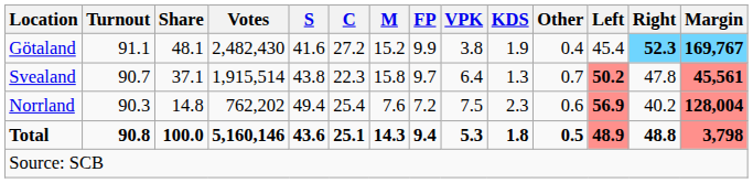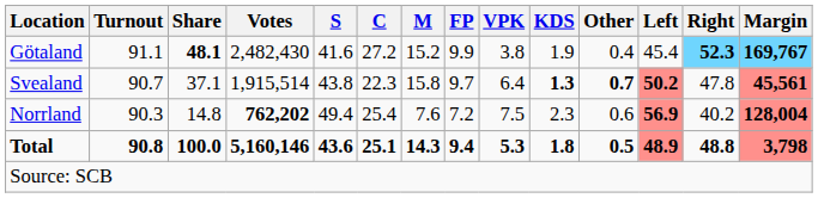 <table class="wikitable sortable" style=text-align:right>
 <tr>
 <th>Location</th>
 <th>Turnout</th>
 <th>Share</th>
 <th>Votes</th>
 <th><a href='#'>S</a></th>
 <th><a href='#'>C</a></th>
 <th><a href='#'>M</a></th>
 <th><a href='#'>FP</a></th>
 <th><a href='#'>VPK</a></th>
 <th><a href='#'>KDS</a></th>
 <th>Other</th>
 <th>Left</th>
 <th>Right</th>
 <th>Margin</th>
 </tr>
 <tr>
 <td align=left><a href='#'>Götaland</a></td>
 <td>91.1</td>
-<td>48.1</td>
+<td><strong>48.1</strong></td>
 <td>2,482,430</td>
 <td>41.6</td>
 <td>27.2</td>
 <td>15.2</td>
 <td>9.9</td>
 <td>3.8</td>
 <td>1.9</td>
 <td>0.4</td>
 <td>45.4</td>
 <td bgcolor=#6fd5fe><strong>52.3</strong></td>
 <td bgcolor=#6fd5fe><strong>169,767</strong></td>
 </tr>
 <tr>
 <td align=left><a href='#'>Svealand</a></td>
 <td>90.7</td>
 <td>37.1</td>
 <td>1,915,514</td>
 <td>43.8</td>
 <td>22.3</td>
 <td>15.8</td>
 <td>9.7</td>
 <td>6.4</td>
-<td>1.3</td>
-<td>0.7</td>
+<td><strong>1.3</strong></td>
+<td><strong>0.7</strong></td>
 <td bgcolor=#ff908c><strong>50.2</strong></td>
 <td>47.8</td>
 <td bgcolor=#ff908c><strong>45,561</strong></td>
 </tr>
 <tr>
 <td align=left><a href='#'>Norrland</a></td>
 <td>90.3</td>
 <td>14.8</td>
-<td>762,202</td>
+<td><strong>762,202</strong></td>
 <td>49.4</td>
 <td>25.4</td>
 <td>7.6</td>
 <td>7.2</td>
 <td>7.5</td>
 <td>2.3</td>
 <td>0.6</td>
 <td bgcolor=#ff908c><strong>56.9</strong></td>
 <td>40.2</td>
 <td bgcolor=#ff908c><strong>128,004</strong></td>
 </tr>
 <tr>
 <td align=left><strong>Total</strong></td>
 <td><strong>90.8</strong></td>
 <td><strong>100.0</strong></td>
 <td><strong>5,160,146</strong></td>
 <td><strong>43.6</strong></td>
 <td><strong>25.1</strong></td>
 <td><strong>14.3</strong></td>
 <td><strong>9.4</strong></td>
 <td><strong>5.3</strong></td>
 <td><strong>1.8</strong></td>
 <td><strong>0.5</strong></td>
 <td bgcolor=#ff908c><strong>48.9</strong></td>
 <td><strong>48.8</strong></td>
 <td bgcolor=#ff908c><strong>3,798</strong></td>
 </tr>
 <tr>
 <td align=left colspan=14>Source: SCB </td>
 </tr>
 </table>
